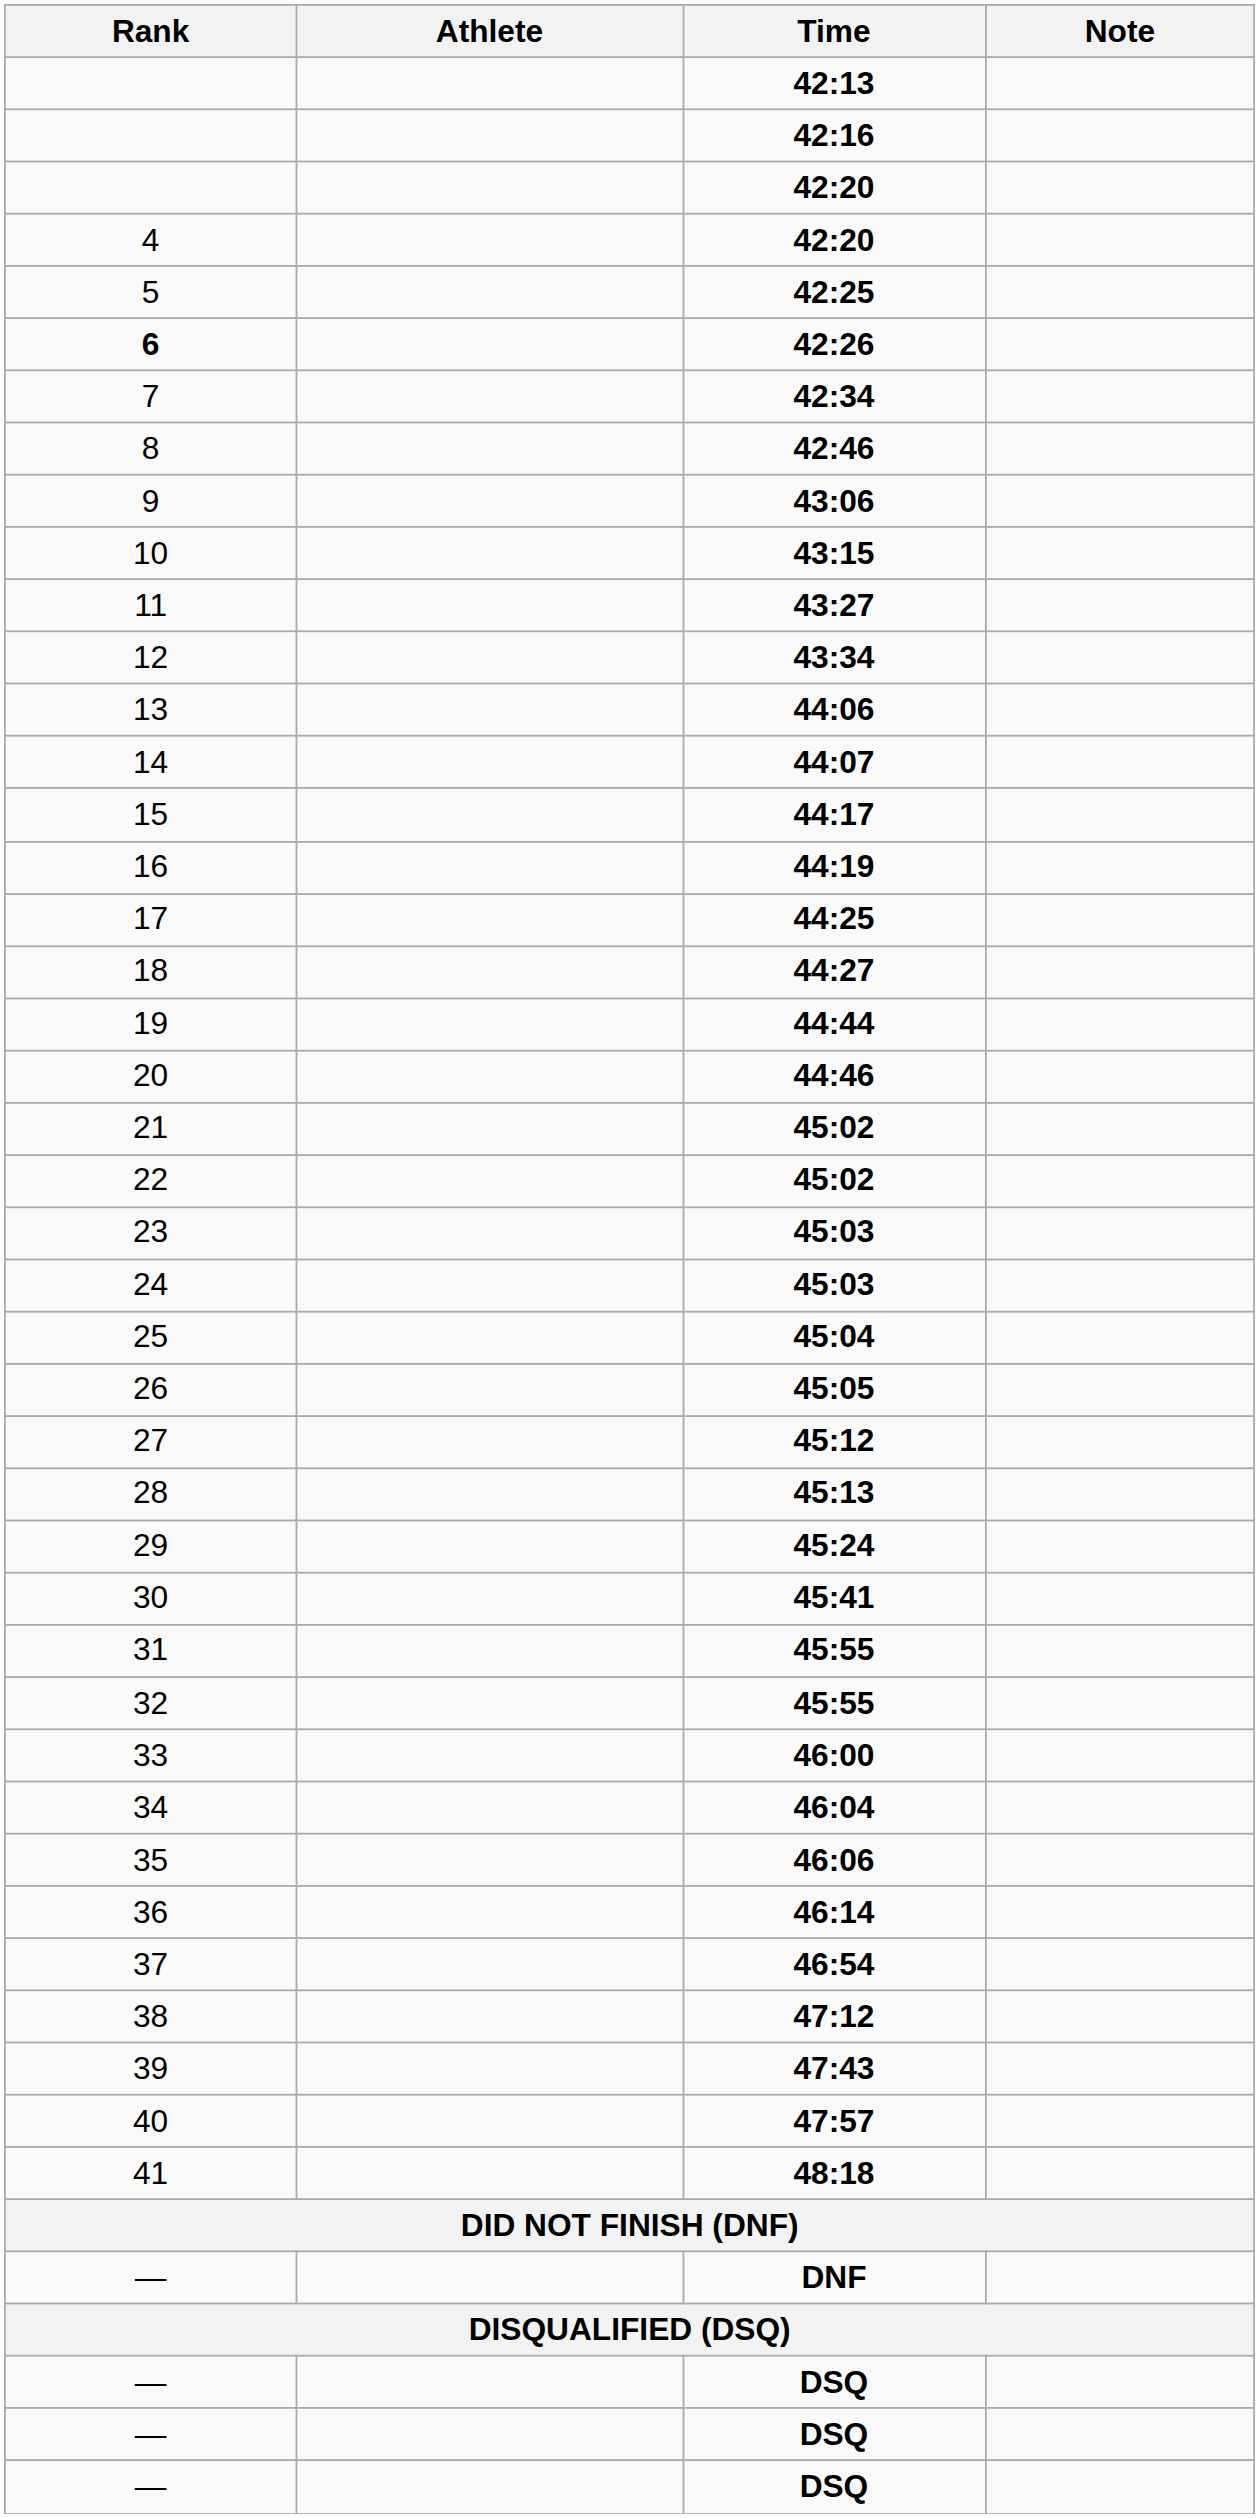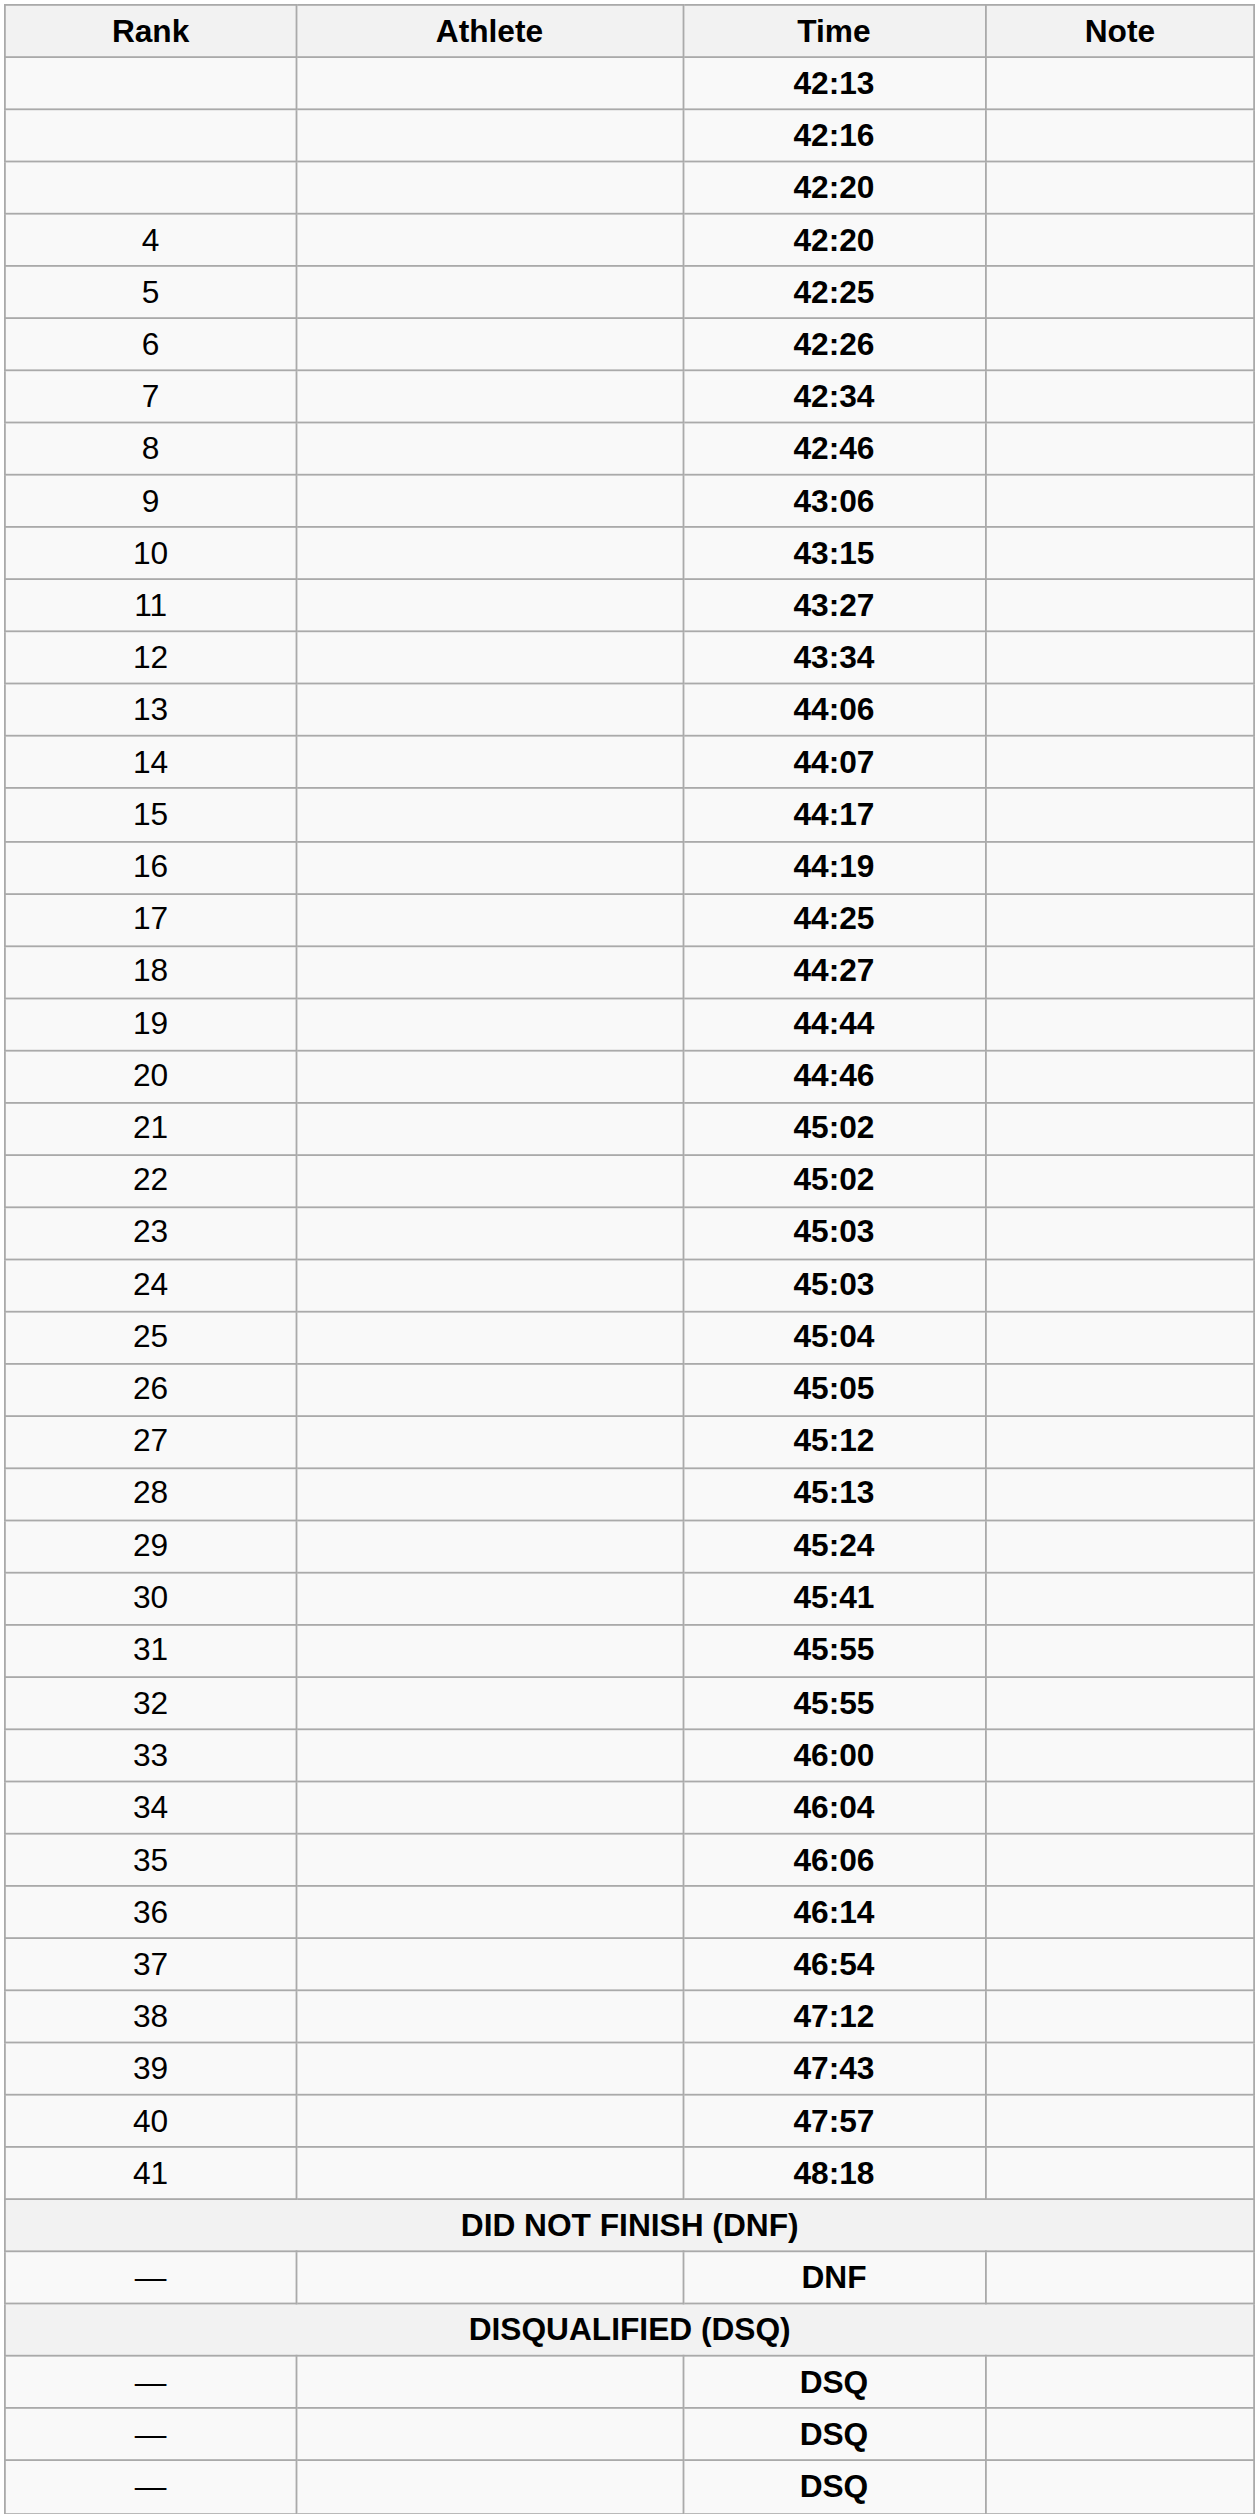 <table class="wikitable" style=" text-align:center; font-size:110%;" width="55%">
 <tr>
 <th>Rank</th>
 <th>Athlete</th>
 <th>Time</th>
 <th>Note</th>
 </tr>
 <tr>
 <td></td>
 <td align=left></td>
 <td><strong>42:13</strong></td>
 <td></td>
 </tr>
 <tr>
 <td></td>
 <td align=left></td>
 <td><strong>42:16</strong></td>
 <td></td>
 </tr>
 <tr>
 <td></td>
 <td align=left></td>
 <td><strong>42:20</strong></td>
 <td></td>
 </tr>
 <tr>
 <td>4</td>
 <td align=left></td>
 <td><strong>42:20</strong></td>
 <td></td>
 </tr>
 <tr>
 <td>5</td>
 <td align=left></td>
 <td><strong>42:25</strong></td>
 <td></td>
 </tr>
 <tr>
-<td><strong>6</strong></td>
+<td>6</td>
 <td align=left></td>
 <td><strong>42:26</strong></td>
 <td></td>
 </tr>
 <tr>
 <td>7</td>
 <td align=left></td>
 <td><strong>42:34</strong></td>
 <td></td>
 </tr>
 <tr>
 <td>8</td>
 <td align=left></td>
 <td><strong>42:46</strong></td>
 <td></td>
 </tr>
 <tr>
 <td>9</td>
 <td align=left></td>
 <td><strong>43:06</strong></td>
 <td></td>
 </tr>
 <tr>
 <td>10</td>
 <td align=left></td>
 <td><strong>43:15</strong></td>
 <td></td>
 </tr>
 <tr>
 <td>11</td>
 <td align=left></td>
 <td><strong>43:27</strong></td>
 <td></td>
 </tr>
 <tr>
 <td>12</td>
 <td align=left></td>
 <td><strong>43:34</strong></td>
 <td></td>
 </tr>
 <tr>
 <td>13</td>
 <td align=left></td>
 <td><strong>44:06</strong></td>
 <td></td>
 </tr>
 <tr>
 <td>14</td>
 <td align=left></td>
 <td><strong>44:07</strong></td>
 <td></td>
 </tr>
 <tr>
 <td>15</td>
 <td align=left></td>
 <td><strong>44:17</strong></td>
 <td></td>
 </tr>
 <tr>
 <td>16</td>
 <td align=left></td>
 <td><strong>44:19</strong></td>
 <td></td>
 </tr>
 <tr>
 <td>17</td>
 <td align=left></td>
 <td><strong>44:25</strong></td>
 <td></td>
 </tr>
 <tr>
 <td>18</td>
 <td align=left></td>
 <td><strong>44:27</strong></td>
 <td></td>
 </tr>
 <tr>
 <td>19</td>
 <td align=left></td>
 <td><strong>44:44</strong></td>
 <td></td>
 </tr>
 <tr>
 <td>20</td>
 <td align=left></td>
 <td><strong>44:46</strong></td>
 <td></td>
 </tr>
 <tr>
 <td>21</td>
 <td align=left></td>
 <td><strong>45:02</strong></td>
 <td></td>
 </tr>
 <tr>
 <td>22</td>
 <td align=left></td>
 <td><strong>45:02</strong></td>
 <td></td>
 </tr>
 <tr>
 <td>23</td>
 <td align=left></td>
 <td><strong>45:03</strong></td>
 <td></td>
 </tr>
 <tr>
 <td>24</td>
 <td align=left></td>
 <td><strong>45:03</strong></td>
 <td></td>
 </tr>
 <tr>
 <td>25</td>
 <td align=left></td>
 <td><strong>45:04</strong></td>
 <td></td>
 </tr>
 <tr>
 <td>26</td>
 <td align=left></td>
 <td><strong>45:05</strong></td>
 <td></td>
 </tr>
 <tr>
 <td>27</td>
 <td align=left></td>
 <td><strong>45:12</strong></td>
 <td></td>
 </tr>
 <tr>
 <td>28</td>
 <td align=left></td>
 <td><strong>45:13</strong></td>
 <td></td>
 </tr>
 <tr>
 <td>29</td>
 <td align=left></td>
 <td><strong>45:24</strong></td>
 <td></td>
 </tr>
 <tr>
 <td>30</td>
 <td align=left></td>
 <td><strong>45:41</strong></td>
 <td></td>
 </tr>
 <tr>
 <td>31</td>
 <td align=left></td>
 <td><strong>45:55</strong></td>
 <td></td>
 </tr>
 <tr>
 <td>32</td>
 <td align=left></td>
 <td><strong>45:55</strong></td>
 <td></td>
 </tr>
 <tr>
 <td>33</td>
 <td align=left></td>
 <td><strong>46:00</strong></td>
 <td></td>
 </tr>
 <tr>
 <td>34</td>
 <td align=left></td>
 <td><strong>46:04</strong></td>
 <td></td>
 </tr>
 <tr>
 <td>35</td>
 <td align=left></td>
 <td><strong>46:06</strong></td>
 <td></td>
 </tr>
 <tr>
 <td>36</td>
 <td align=left></td>
 <td><strong>46:14</strong></td>
 <td></td>
 </tr>
 <tr>
 <td>37</td>
 <td align=left></td>
 <td><strong>46:54</strong></td>
 <td></td>
 </tr>
 <tr>
 <td>38</td>
 <td align=left></td>
 <td><strong>47:12</strong></td>
 <td></td>
 </tr>
 <tr>
 <td>39</td>
 <td align=left></td>
 <td><strong>47:43</strong></td>
 <td></td>
 </tr>
 <tr>
 <td>40</td>
 <td align=left></td>
 <td><strong>47:57</strong></td>
 <td></td>
 </tr>
 <tr>
 <td>41</td>
 <td align=left></td>
 <td><strong>48:18</strong></td>
 </tr>
 <tr>
 <th colspan="4">DID NOT FINISH (DNF)</th>
 </tr>
 <tr>
 <td>—</td>
 <td align=left></td>
 <td><strong>DNF</strong></td>
 <td></td>
 </tr>
 <tr>
 <th colspan="4">DISQUALIFIED (DSQ)</th>
 </tr>
 <tr>
 <td>—</td>
 <td align=left></td>
 <td><strong>DSQ</strong></td>
 <td></td>
 </tr>
 <tr>
 <td>—</td>
 <td align=left></td>
 <td><strong>DSQ</strong></td>
 <td></td>
 </tr>
 <tr>
 <td>—</td>
 <td align=left></td>
 <td><strong>DSQ</strong></td>
 <td></td>
 </tr>
 </table>
